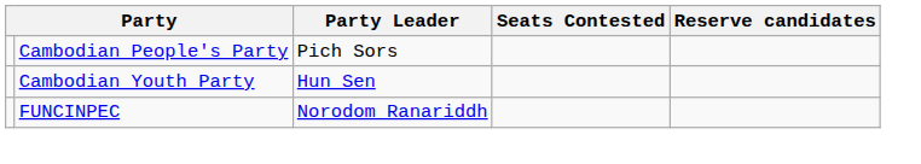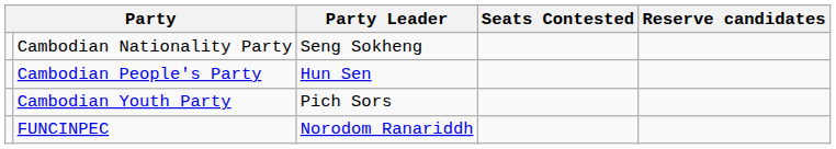 <table class="wikitable sortable" style="text-align:right">
 <tr>
 <th colspan="2">Party</th>
 <th>Party Leader</th>
 <th>Seats Contested</th>
 <th>Reserve candidates</th>
 </tr>
 <tr>
 <td></td>
+<td align="left">Cambodian Nationality Party</td>
+<td align="left">Seng Sokheng</td>
+<td></td>
+<td></td>
+</tr>
+<tr>
+<td></td>
 <td align="left"><a href='#'>Cambodian People's Party</a></td>
-<td align="left">Pich Sors</td>
+<td align="left"><a href='#'>Hun Sen</a></td>
 <td></td>
 <td></td>
 </tr>
 <tr>
 <td></td>
 <td align="left"><a href='#'>Cambodian Youth Party</a></td>
-<td align="left"><a href='#'>Hun Sen</a></td>
+<td align="left">Pich Sors</td>
 <td></td>
 <td></td>
 </tr>
 <tr>
 <td></td>
 <td align="left"><a href='#'>FUNCINPEC</a></td>
 <td align="left"><a href='#'>Norodom Ranariddh</a></td>
 <td></td>
 <td></td>
 </tr>
 </table>
